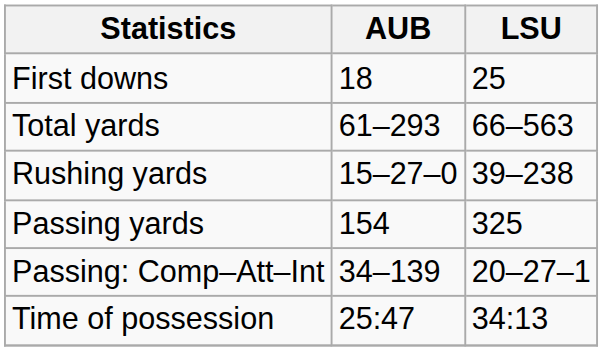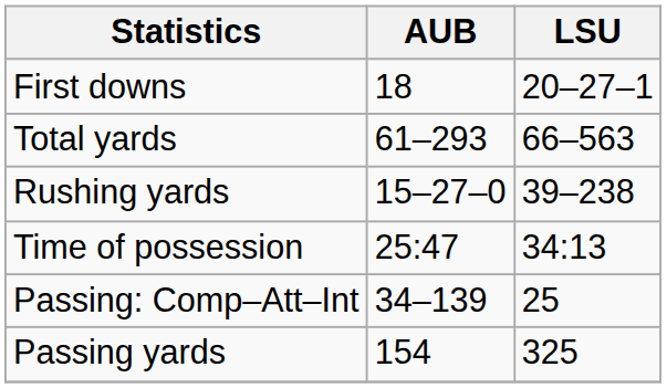 <table class="wikitable" style="float: left;">
 <tr>
 <th>Statistics</th>
 <th>AUB</th>
 <th>LSU</th>
 </tr>
 <tr>
 <td>First downs</td>
 <td>18</td>
-<td>25</td>
+<td>20–27–1</td>
 </tr>
 <tr>
 <td>Total yards</td>
 <td>61–293</td>
 <td>66–563</td>
 </tr>
 <tr>
 <td>Rushing yards</td>
 <td>15–27–0</td>
 <td>39–238</td>
 </tr>
 <tr>
+<td>Time of possession</td>
+<td>25:47</td>
+<td>34:13</td>
+</tr>
+<tr>
+<td>Passing: Comp–Att–Int</td>
+<td>34–139</td>
+<td>25</td>
+</tr>
+<tr>
 <td>Passing yards</td>
 <td>154</td>
 <td>325</td>
 </tr>
 <tr>
-<td>Passing: Comp–Att–Int</td>
-<td>34–139</td>
-<td>20–27–1</td>
-</tr>
-<tr>
-<td>Time of possession</td>
-<td>25:47</td>
-<td>34:13</td>
-</tr>
-<tr>
 </tr>
 </table>
